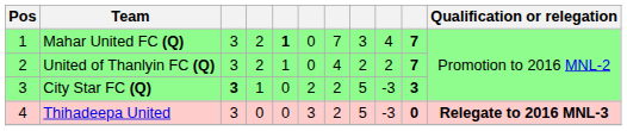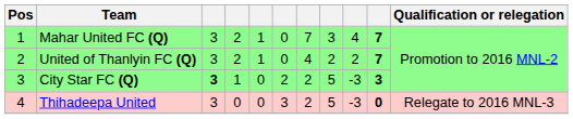 <table class="wikitable" style="text-align: center;">
 <tr>
 <th width="4">Pos</th>
 <th width="185">Team</th>
 <th width="20"></th>
 <th width="20"></th>
 <th width="20"></th>
 <th width="20"></th>
 <th width="20"></th>
 <th width="20"></th>
 <th width="20"></th>
 <th width="20"></th>
 <th>Qualification or relegation</th>
 </tr>
 <tr style="background:#8FFD8E">
 <td>1</td>
 <td align=left>Mahar United FC <strong>(Q)</strong></td>
 <td>3</td>
 <td>2</td>
-<td><strong>1</strong></td>
+<td>1</td>
 <td>0</td>
 <td>7</td>
 <td>3</td>
 <td>4</td>
 <td><strong>7</strong></td>
 <td rowspan=3>Promotion to 2016 <a href='#'>MNL-2</a></td>
 </tr>
 <tr style="background:#8FFD8E">
 <td>2</td>
 <td align=left>United of Thanlyin FC <strong>(Q)</strong></td>
 <td>3</td>
 <td>2</td>
 <td>1</td>
 <td>0</td>
 <td>4</td>
 <td>2</td>
 <td>2</td>
 <td><strong>7</strong></td>
 </tr>
 <tr style="background:#8FFD8E">
 <td>3</td>
 <td align=left>City Star FC <strong>(Q)</strong></td>
 <td><strong>3</strong></td>
 <td>1</td>
 <td>0</td>
 <td>2</td>
 <td>2</td>
 <td>5</td>
 <td>-3</td>
 <td><strong>3</strong></td>
 </tr>
 <tr style="background:#FFCCCC">
 <td>4</td>
 <td align=left><a href='#'>Thihadeepa United</a></td>
 <td>3</td>
 <td>0</td>
 <td>0</td>
 <td>3</td>
 <td>2</td>
 <td>5</td>
 <td>-3</td>
 <td><strong>0</strong></td>
-<td rowspan=1><strong>Relegate to 2016 MNL-3</strong></td>
+<td rowspan=1>Relegate to 2016 MNL-3</td>
 </tr>
 <tr>
 </tr>
 </table>
